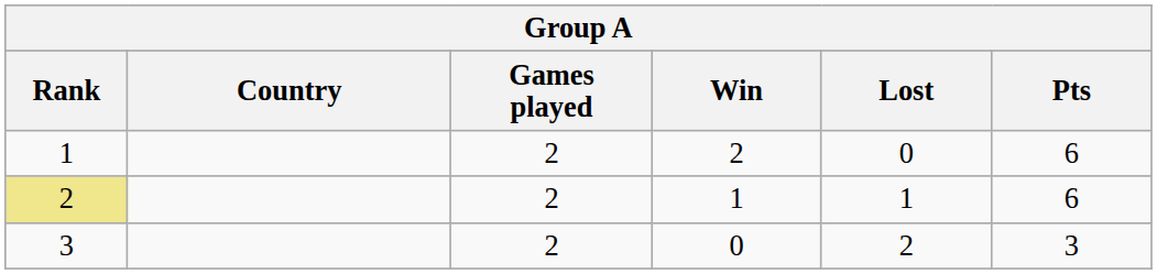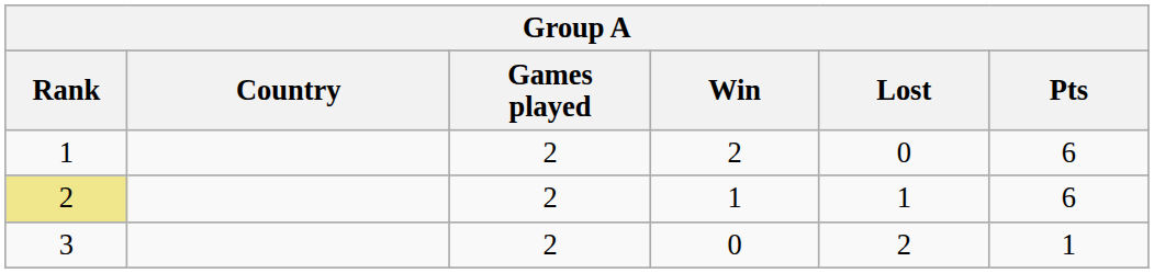 <table class="wikitable" style= "text-align: center; Width:50%">
 <tr>
 <th colspan= 6>Group A</th>
 </tr>
 <tr>
 <th width=2%>Rank</th>
 <th width=10%>Country</th>
 <th width=5%>Games <br> played</th>
 <th width=5%>Win</th>
 <th width=5%>Lost</th>
 <th width=5%>Pts</th>
 </tr>
 <tr>
 <td>1</td>
 <td style= "text-align: left"></td>
 <td>2</td>
 <td>2</td>
 <td>0</td>
 <td>6</td>
 </tr>
 <tr>
 <td style="background: khaki;">2</td>
 <td style= "text-align: left"></td>
 <td>2</td>
 <td>1</td>
 <td>1</td>
 <td>6</td>
 </tr>
 <tr>
 <td>3</td>
 <td style= "text-align: left"></td>
 <td>2</td>
 <td>0</td>
 <td>2</td>
-<td>3</td>
+<td>1</td>
 </tr>
 </table>
